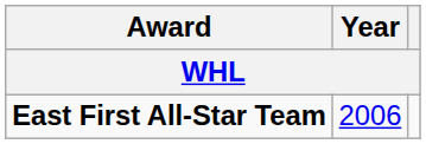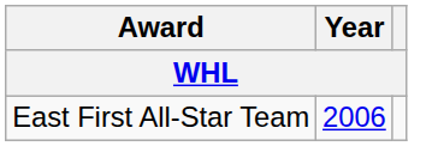 <table class="wikitable">
 <tr>
 <th>Award</th>
 <th>Year</th>
 <th></th>
 </tr>
 <tr>
 <th colspan="3"><a href='#'>WHL</a></th>
 </tr>
 <tr>
-<td><strong>East First All-Star Team</strong></td>
+<td>East First All-Star Team</td>
 <td><a href='#'>2006</a></td>
 <td></td>
 </tr>
 </table>
